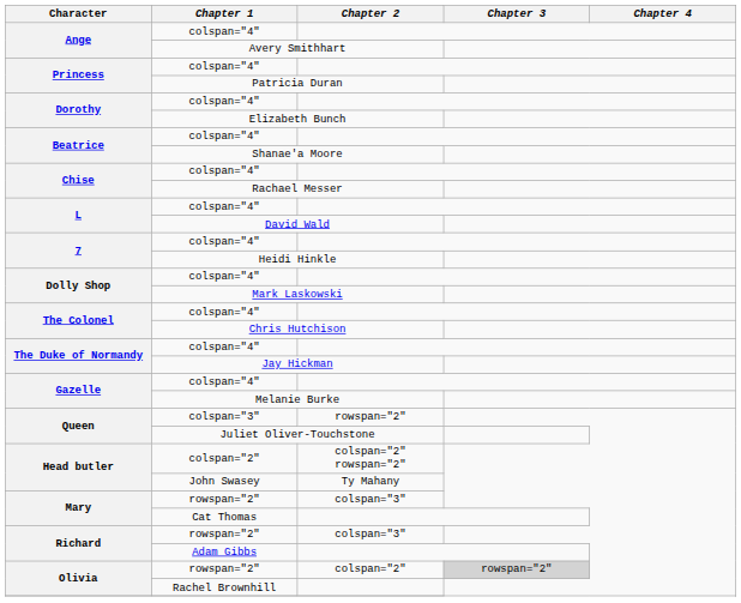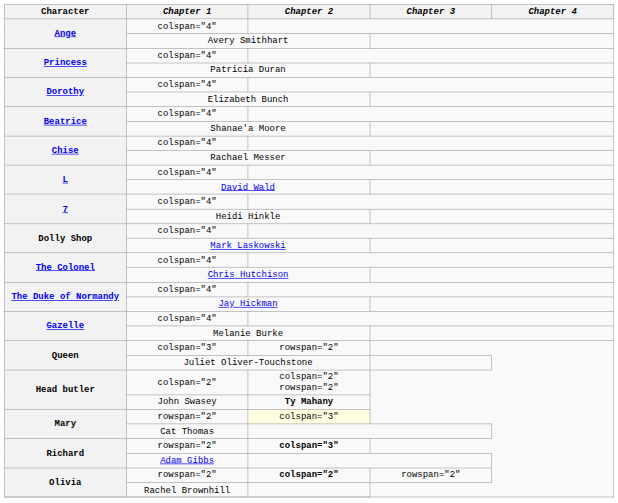 <table class="wikitable" style="text-align:center; width:100%;">
 <tr>
 <th style="width:20%;">Character</th>
 <th style="width:20%;"><em>Chapter 1</em></th>
 <th style="width:20%;"><em>Chapter 2</em></th>
 <th style="width:20%;"><em>Chapter 3</em></th>
 <th style="width:20%;"><em>Chapter 4</em></th>
 </tr>
 <tr>
 <th rowspan="2"><a href='#'>Ange</a></th>
 <td>colspan="4" </td>
 </tr>
 <tr>
 <td colspan="2">Avery Smithhart</td>
 <td colspan="2"></td>
 </tr>
 <tr>
 <th rowspan="2"><a href='#'>Princess</a></th>
 <td>colspan="4" </td>
 </tr>
 <tr>
 <td colspan="2">Patricia Duran</td>
 <td colspan="2"></td>
 </tr>
 <tr>
 <th rowspan="2"><a href='#'>Dorothy</a></th>
 <td>colspan="4" </td>
 </tr>
 <tr>
 <td colspan="2">Elizabeth Bunch</td>
 <td colspan="2"></td>
 </tr>
 <tr>
 <th rowspan="2"><a href='#'>Beatrice</a></th>
 <td>colspan="4" </td>
 </tr>
 <tr>
 <td colspan="2">Shanae'a Moore</td>
 <td colspan="2"></td>
 </tr>
 <tr>
 <th rowspan="2"><a href='#'>Chise</a></th>
 <td>colspan="4" </td>
 </tr>
 <tr>
 <td colspan="2">Rachael Messer</td>
 <td colspan="2"></td>
 </tr>
 <tr>
 <th rowspan="2"><a href='#'>L</a></th>
 <td>colspan="4" </td>
 </tr>
 <tr>
 <td colspan="2"><a href='#'>David Wald</a></td>
 <td colspan="2"></td>
 </tr>
 <tr>
 <th rowspan="2"><a href='#'>7</a></th>
 <td>colspan="4" </td>
 </tr>
 <tr>
 <td colspan="2">Heidi Hinkle</td>
 <td colspan="2"></td>
 </tr>
 <tr>
 <th rowspan="2">Dolly Shop</th>
 <td>colspan="4" </td>
 </tr>
 <tr>
 <td colspan="2"><a href='#'>Mark Laskowski</a></td>
 <td colspan="2"></td>
 </tr>
 <tr>
 <th rowspan="2"><a href='#'>The Colonel</a></th>
 <td>colspan="4" </td>
 </tr>
 <tr>
 <td colspan="2"><a href='#'>Chris Hutchison</a></td>
 <td colspan="2"></td>
 </tr>
 <tr>
 <th rowspan="2"><a href='#'>The Duke of Normandy</a></th>
 <td>colspan="4" </td>
 </tr>
 <tr>
 <td colspan="2"><a href='#'>Jay Hickman</a></td>
 <td colspan="2"></td>
 </tr>
 <tr>
 <th rowspan="2"><a href='#'>Gazelle</a></th>
 <td>colspan="4" </td>
 </tr>
 <tr>
 <td colspan="2">Melanie Burke</td>
 <td colspan="2"></td>
 </tr>
 <tr>
 <th rowspan="2">Queen</th>
 <td>colspan="3" </td>
 <td>rowspan="2" </td>
 </tr>
 <tr>
 <td colspan="2">Juliet Oliver-Touchstone</td>
 <td></td>
 </tr>
 <tr>
 <th rowspan="2">Head butler</th>
 <td>colspan="2" </td>
 <td>colspan="2" rowspan="2" </td>
 </tr>
 <tr>
 <td>John Swasey</td>
-<td>Ty Mahany</td>
+<td><strong>Ty Mahany</strong></td>
 </tr>
 <tr>
 <th rowspan="2">Mary</th>
 <td>rowspan="2" </td>
-<td>colspan="3" </td>
+<td style="background: lightyellow;">colspan="3" </td>
 </tr>
 <tr>
 <td>Cat Thomas</td>
 <td colspan="2"></td>
 </tr>
 <tr>
 <th rowspan="2">Richard</th>
 <td>rowspan="2" </td>
-<td>colspan="3" </td>
+<td><strong>colspan="3" </strong></td>
 </tr>
 <tr>
 <td><a href='#'>Adam Gibbs</a></td>
 <td colspan="2"></td>
 </tr>
 <tr>
 <th rowspan="2">Olivia</th>
 <td>rowspan="2" </td>
-<td>colspan="2" </td>
-<td style="background: lightgrey;">rowspan="2" </td>
+<td><strong>colspan="2" </strong></td>
+<td>rowspan="2" </td>
 </tr>
 <tr>
 <td>Rachel Brownhill</td>
 <td></td>
 </tr>
 <tr>
 </tr>
 </table>
